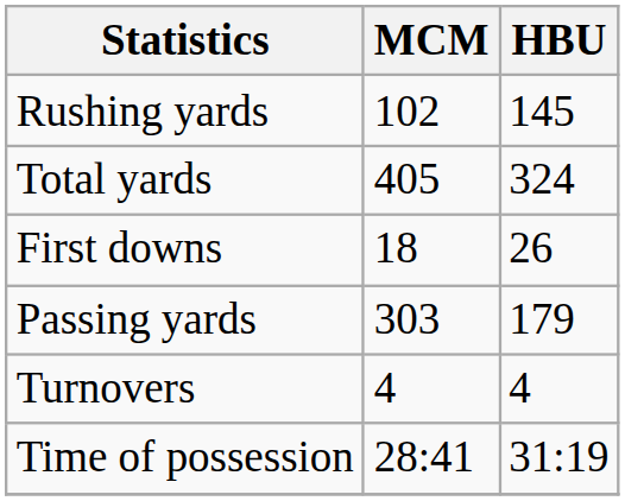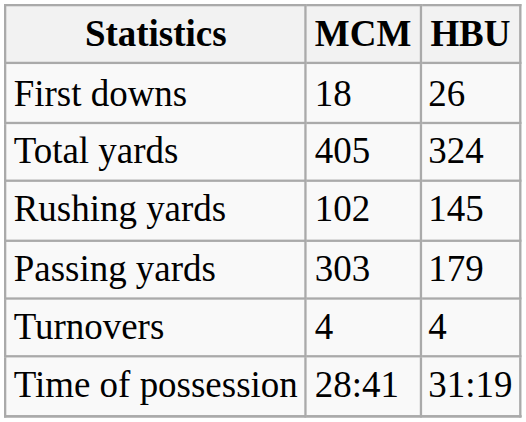 <table class="wikitable">
 <tr>
 <th>Statistics</th>
 <th>MCM</th>
 <th>HBU</th>
 </tr>
 <tr>
-<td>Rushing yards</td>
-<td>102</td>
-<td>145</td>
+<td>First downs</td>
+<td>18</td>
+<td>26</td>
 </tr>
 <tr>
 <td>Total yards</td>
 <td>405</td>
 <td>324</td>
 </tr>
 <tr>
-<td>First downs</td>
-<td>18</td>
-<td>26</td>
+<td>Rushing yards</td>
+<td>102</td>
+<td>145</td>
 </tr>
 <tr>
 <td>Passing yards</td>
 <td>303</td>
 <td>179</td>
 </tr>
 <tr>
 <td>Turnovers</td>
 <td>4</td>
 <td>4</td>
 </tr>
 <tr>
 <td>Time of possession</td>
 <td>28:41</td>
 <td>31:19</td>
 </tr>
 <tr>
 </tr>
 </table>
